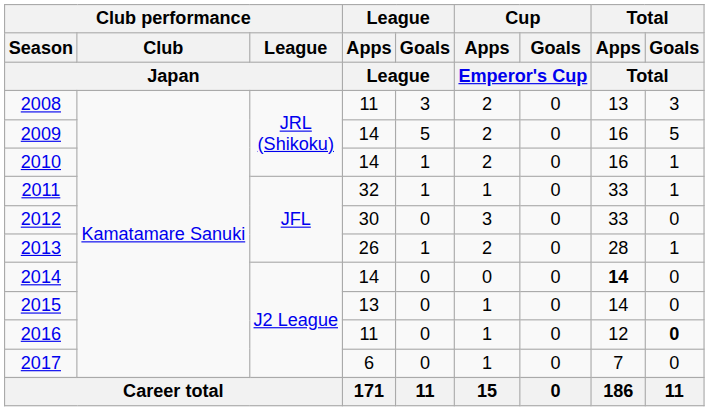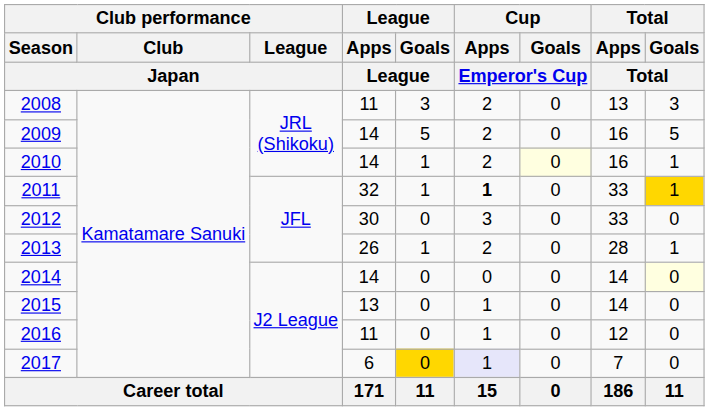 <table class="wikitable" style="text-align:center">
 <tr>
 <th colspan=3>Club performance</th>
 <th colspan=2>League</th>
 <th colspan=2>Cup</th>
 <th colspan=2>Total</th>
 </tr>
 <tr>
 <th>Season</th>
 <th>Club</th>
 <th>League</th>
 <th>Apps</th>
 <th>Goals</th>
 <th>Apps</th>
 <th>Goals</th>
 <th>Apps</th>
 <th>Goals</th>
 </tr>
 <tr>
 <th colspan=3>Japan</th>
 <th colspan=2>League</th>
 <th colspan=2><a href='#'>Emperor's Cup</a></th>
 <th colspan=2>Total</th>
 </tr>
 <tr>
 <td><a href='#'>2008</a></td>
 <td rowspan="10"><a href='#'>Kamatamare Sanuki</a></td>
 <td rowspan="3"><a href='#'>JRL<br>(Shikoku)</a></td>
 <td>11</td>
 <td>3</td>
 <td>2</td>
 <td>0</td>
 <td>13</td>
 <td>3</td>
 </tr>
 <tr>
 <td><a href='#'>2009</a></td>
 <td>14</td>
 <td>5</td>
 <td>2</td>
 <td>0</td>
 <td>16</td>
 <td>5</td>
 </tr>
 <tr>
 <td><a href='#'>2010</a></td>
 <td>14</td>
 <td>1</td>
 <td>2</td>
-<td>0</td>
+<td style="background: lightyellow;">0</td>
 <td>16</td>
 <td>1</td>
 </tr>
 <tr>
 <td><a href='#'>2011</a></td>
 <td rowspan="3"><a href='#'>JFL</a></td>
 <td>32</td>
 <td>1</td>
-<td>1</td>
+<td><strong>1</strong></td>
 <td>0</td>
 <td>33</td>
-<td>1</td>
+<td style="background: gold;">1</td>
 </tr>
 <tr>
 <td><a href='#'>2012</a></td>
 <td>30</td>
 <td>0</td>
 <td>3</td>
 <td>0</td>
 <td>33</td>
 <td>0</td>
 </tr>
 <tr>
 <td><a href='#'>2013</a></td>
 <td>26</td>
 <td>1</td>
 <td>2</td>
 <td>0</td>
 <td>28</td>
 <td>1</td>
 </tr>
 <tr>
 <td><a href='#'>2014</a></td>
 <td rowspan="4"><a href='#'>J2 League</a></td>
 <td>14</td>
 <td>0</td>
 <td>0</td>
 <td>0</td>
-<td><strong>14</strong></td>
-<td>0</td>
+<td>14</td>
+<td style="background: lightyellow;">0</td>
 </tr>
 <tr>
 <td><a href='#'>2015</a></td>
 <td>13</td>
 <td>0</td>
 <td>1</td>
 <td>0</td>
 <td>14</td>
 <td>0</td>
 </tr>
 <tr>
 <td><a href='#'>2016</a></td>
 <td>11</td>
 <td>0</td>
 <td>1</td>
 <td>0</td>
 <td>12</td>
-<td><strong>0</strong></td>
+<td>0</td>
 </tr>
 <tr>
 <td><a href='#'>2017</a></td>
 <td>6</td>
-<td>0</td>
-<td>1</td>
+<td style="background: gold;">0</td>
+<td style="background: lavender;">1</td>
 <td>0</td>
 <td>7</td>
 <td>0</td>
 </tr>
 <tr>
 <th colspan=3>Career total</th>
 <th>171</th>
 <th>11</th>
 <th>15</th>
 <th>0</th>
 <th>186</th>
 <th>11</th>
 </tr>
 </table>
